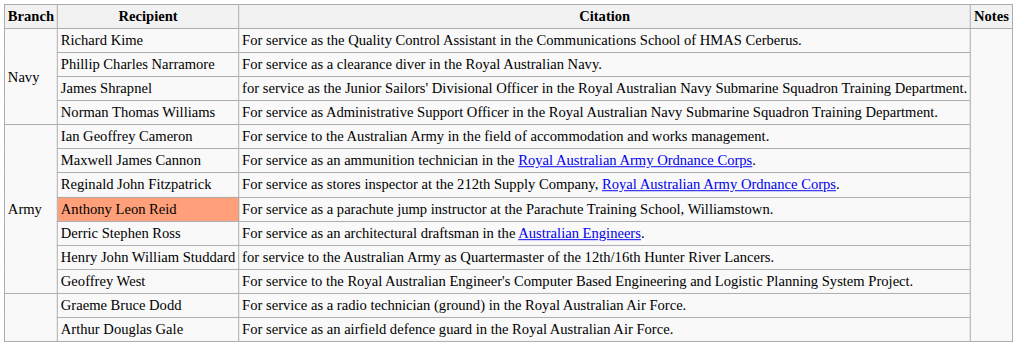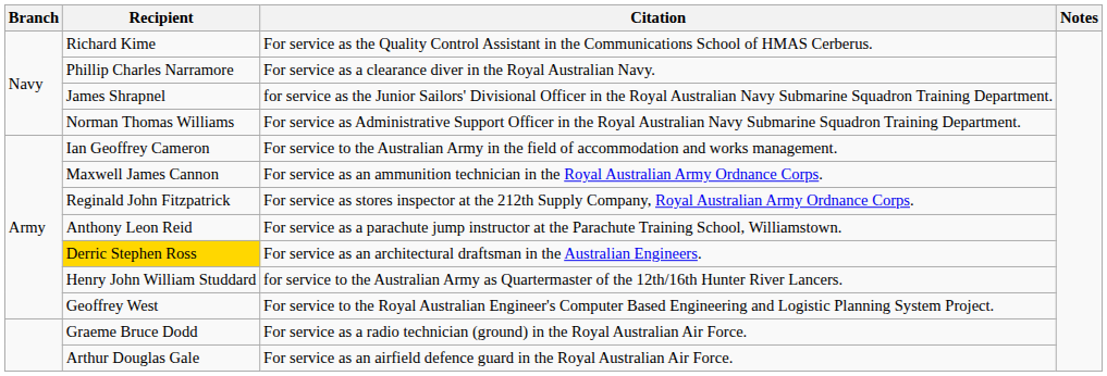 <table class="wikitable" style="font-size:95%;">
 <tr>
 <th>Branch</th>
 <th>Recipient</th>
 <th>Citation</th>
 <th>Notes</th>
 </tr>
 <tr>
 <td rowspan=4>Navy</td>
 <td> Richard Kime</td>
 <td>For service as the Quality Control Assistant in the Communications School of HMAS Cerberus.</td>
 <td rowspan=13></td>
 </tr>
 <tr>
 <td> Phillip Charles Narramore</td>
 <td>For service as a clearance diver in the Royal Australian Navy.</td>
 </tr>
 <tr>
 <td> James Shrapnel</td>
 <td>for service as the Junior Sailors' Divisional Officer in the Royal Australian Navy Submarine Squadron Training Department.</td>
 </tr>
 <tr>
 <td> Norman Thomas Williams</td>
 <td>For service as Administrative Support Officer in the Royal Australian Navy Submarine Squadron Training Department.</td>
 </tr>
 <tr>
 <td rowspan=7>Army</td>
 <td> Ian Geoffrey Cameron</td>
 <td>For service to the Australian Army in the field of accommodation and works management.</td>
 </tr>
 <tr>
 <td> Maxwell James Cannon</td>
 <td>For service as an ammunition technician in the <a href='#'>Royal Australian Army Ordnance Corps</a>.</td>
 </tr>
 <tr>
 <td> Reginald John Fitzpatrick</td>
 <td>For service as stores inspector at the 212th Supply Company, <a href='#'>Royal Australian Army Ordnance Corps</a>.</td>
 </tr>
 <tr>
-<td style="background: lightsalmon;"> Anthony Leon Reid</td>
+<td> Anthony Leon Reid</td>
 <td>For service as a parachute jump instructor at the Parachute Training School, Williamstown.</td>
 </tr>
 <tr>
-<td> Derric Stephen Ross</td>
+<td style="background: gold;"> Derric Stephen Ross</td>
 <td>For service as an architectural draftsman in the <a href='#'>Australian Engineers</a>.</td>
 </tr>
 <tr>
 <td> Henry John William Studdard</td>
 <td>for service to the Australian Army as Quartermaster of the 12th/16th Hunter River Lancers.</td>
 </tr>
 <tr>
 <td> Geoffrey West</td>
 <td>For service to the Royal Australian Engineer's Computer Based Engineering and Logistic Planning System Project.</td>
 </tr>
 <tr>
 <td rowspan=2></td>
 <td> Graeme Bruce Dodd</td>
 <td>For service as a radio technician (ground) in the Royal Australian Air Force.</td>
 </tr>
 <tr>
 <td> Arthur Douglas Gale</td>
 <td>For service as an airfield defence guard in the Royal Australian Air Force.</td>
 </tr>
 </table>
